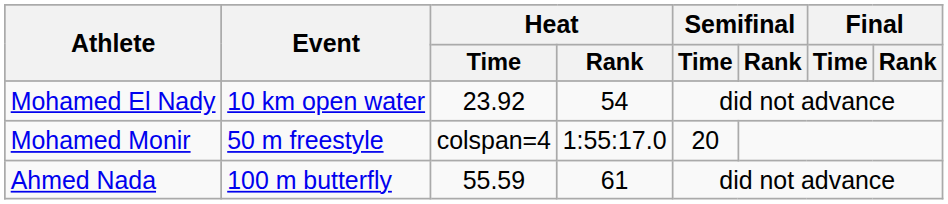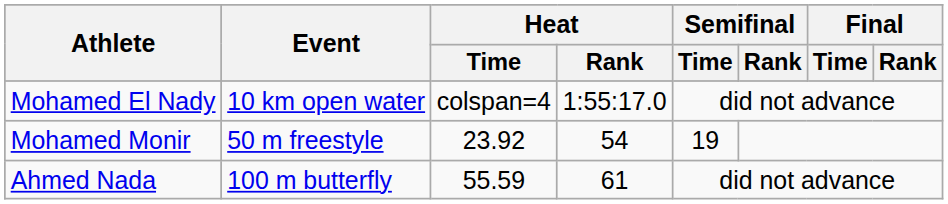 <table class=wikitable style="font-size:90%">
 <tr>
 <th rowspan="2">Athlete</th>
 <th rowspan="2">Event</th>
 <th colspan="2">Heat</th>
 <th colspan="2">Semifinal</th>
 <th colspan="2">Final</th>
 </tr>
 <tr style="font-size:95%">
 <th>Time</th>
 <th>Rank</th>
 <th>Time</th>
 <th>Rank</th>
 <th>Time</th>
 <th>Rank</th>
 </tr>
 <tr align=center>
 <td align=left><a href='#'>Mohamed El Nady</a></td>
 <td align=left><a href='#'>10 km open water</a></td>
-<td>23.92</td>
-<td>54</td>
+<td>colspan=4 </td>
+<td>1:55:17.0</td>
 <td colspan=4>did not advance</td>
 </tr>
 <tr align=center>
 <td align=left><a href='#'>Mohamed Monir</a></td>
 <td align=left><a href='#'>50 m freestyle</a></td>
-<td>colspan=4 </td>
-<td>1:55:17.0</td>
-<td>20</td>
+<td>23.92</td>
+<td>54</td>
+<td>19</td>
 </tr>
 <tr align=center>
 <td align=left><a href='#'>Ahmed Nada</a></td>
 <td align=left><a href='#'>100 m butterfly</a></td>
 <td>55.59</td>
 <td>61</td>
 <td colspan=4>did not advance</td>
 </tr>
 </table>
